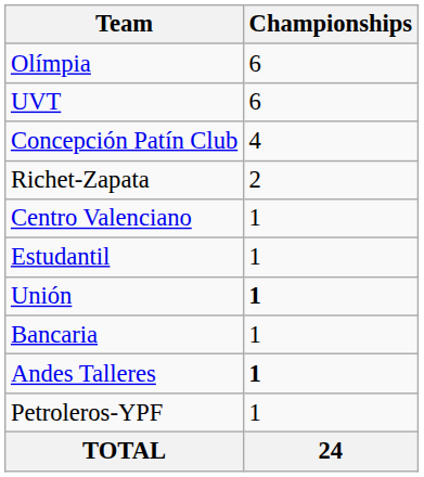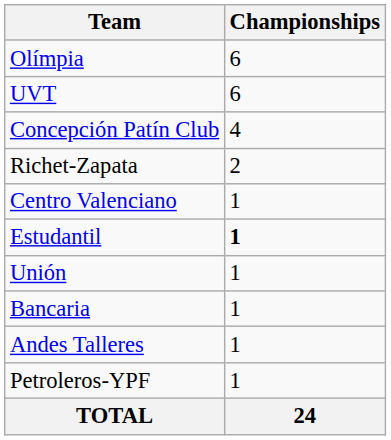 <table class="wikitable">
 <tr>
 <th>Team</th>
 <th>Championships</th>
 </tr>
 <tr>
 <td><a href='#'>Olímpia</a></td>
 <td>6</td>
 </tr>
 <tr>
 <td><a href='#'>UVT</a></td>
 <td>6</td>
 </tr>
 <tr>
 <td><a href='#'>Concepción Patín Club</a></td>
 <td>4</td>
 </tr>
 <tr>
 <td>Richet-Zapata</td>
 <td>2</td>
 </tr>
 <tr>
 <td><a href='#'>Centro Valenciano</a></td>
 <td>1</td>
 </tr>
 <tr>
 <td><a href='#'>Estudantil</a></td>
-<td>1</td>
+<td><strong>1</strong></td>
 </tr>
 <tr>
 <td><a href='#'>Unión</a></td>
-<td><strong>1</strong></td>
+<td>1</td>
 </tr>
 <tr>
 <td><a href='#'>Bancaria</a></td>
 <td>1</td>
 </tr>
 <tr>
 <td><a href='#'>Andes Talleres</a></td>
-<td><strong>1</strong></td>
+<td>1</td>
 </tr>
 <tr>
 <td>Petroleros-YPF</td>
 <td>1</td>
 </tr>
 <tr>
 <th>TOTAL</th>
 <th>24</th>
 </tr>
 </table>
